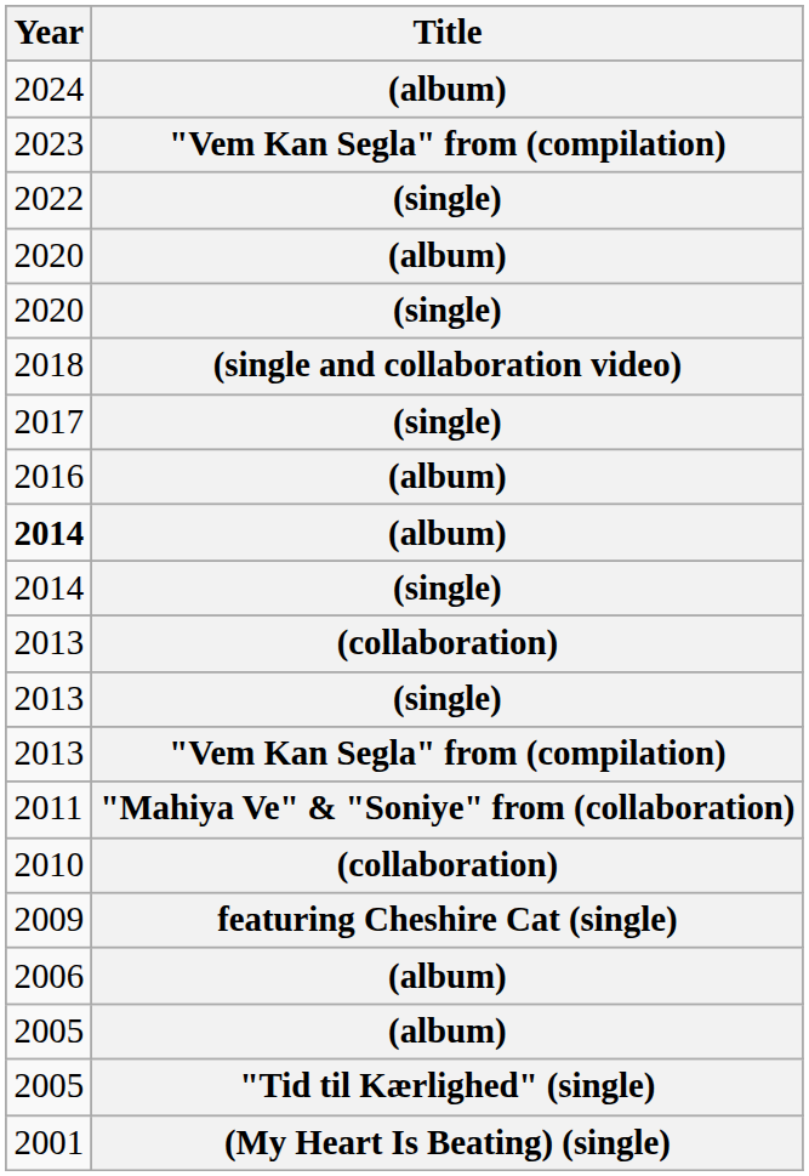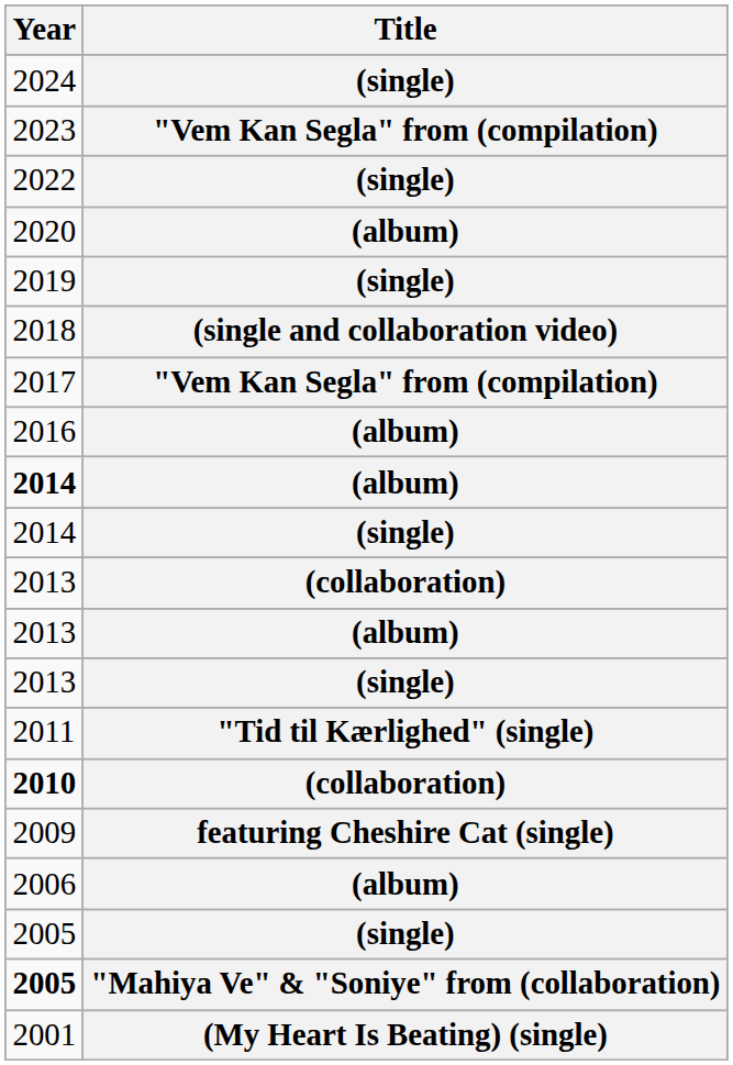 <table class="wikitable sortable plainrowheaders">
 <tr>
 <th scope="col">Year</th>
 <th scope="col">Title</th>
 </tr>
 <tr>
 <td>2024</td>
-<th scope="row"> (album)</th>
+<th scope="row"> (single)</th>
 </tr>
 <tr>
 <td>2023</td>
 <th scope="row">"Vem Kan Segla" from  (compilation)</th>
 </tr>
 <tr>
 <td>2022</td>
 <th scope="row"> (single)</th>
 </tr>
 <tr>
 <td>2020</td>
 <th scope="row"> (album)</th>
 </tr>
 <tr>
-<td>2020</td>
+<td>2019</td>
 <th scope="row"> (single)</th>
 </tr>
 <tr>
 <td>2018</td>
 <th scope="row"> (single and collaboration video)</th>
 </tr>
 <tr>
 <td>2017</td>
-<th scope="row"> (single)</th>
+<th scope="row">"Vem Kan Segla" from  (compilation)</th>
 </tr>
 <tr>
 <td>2016</td>
 <th scope="row"> (album)</th>
 </tr>
 <tr>
 <td><strong>2014</strong></td>
 <th scope="row"> (album)</th>
 </tr>
 <tr>
 <td>2014</td>
 <th scope="row"> (single)</th>
 </tr>
 <tr>
 <td>2013</td>
 <th scope="row"> (collaboration)</th>
 </tr>
 <tr>
 <td>2013</td>
+<th scope="row"> (album)</th>
+</tr>
+<tr>
+<td>2013</td>
 <th scope="row"> (single)</th>
 </tr>
 <tr>
-<td>2013</td>
-<th scope="row">"Vem Kan Segla" from  (compilation)</th>
+<td>2011</td>
+<th scope="row">"Tid til Kærlighed" (single)</th>
 </tr>
 <tr>
-<td>2011</td>
-<th scope="row">"Mahiya Ve" & "Soniye" from  (collaboration)</th>
-</tr>
-<tr>
-<td>2010</td>
+<td><strong>2010</strong></td>
 <th scope="row"> (collaboration)</th>
 </tr>
 <tr>
 <td>2009</td>
 <th scope="row"> featuring Cheshire Cat (single)</th>
 </tr>
 <tr>
 <td>2006</td>
 <th scope="row"> (album)</th>
 </tr>
 <tr>
 <td>2005</td>
-<th scope="row"> (album)</th>
+<th scope="row"> (single)</th>
 </tr>
 <tr>
-<td>2005</td>
-<th scope="row">"Tid til Kærlighed" (single)</th>
+<td><strong>2005</strong></td>
+<th scope="row">"Mahiya Ve" & "Soniye" from  (collaboration)</th>
 </tr>
 <tr>
 <td>2001</td>
 <th scope="row"> (My Heart Is Beating) (single)</th>
 </tr>
 </table>
